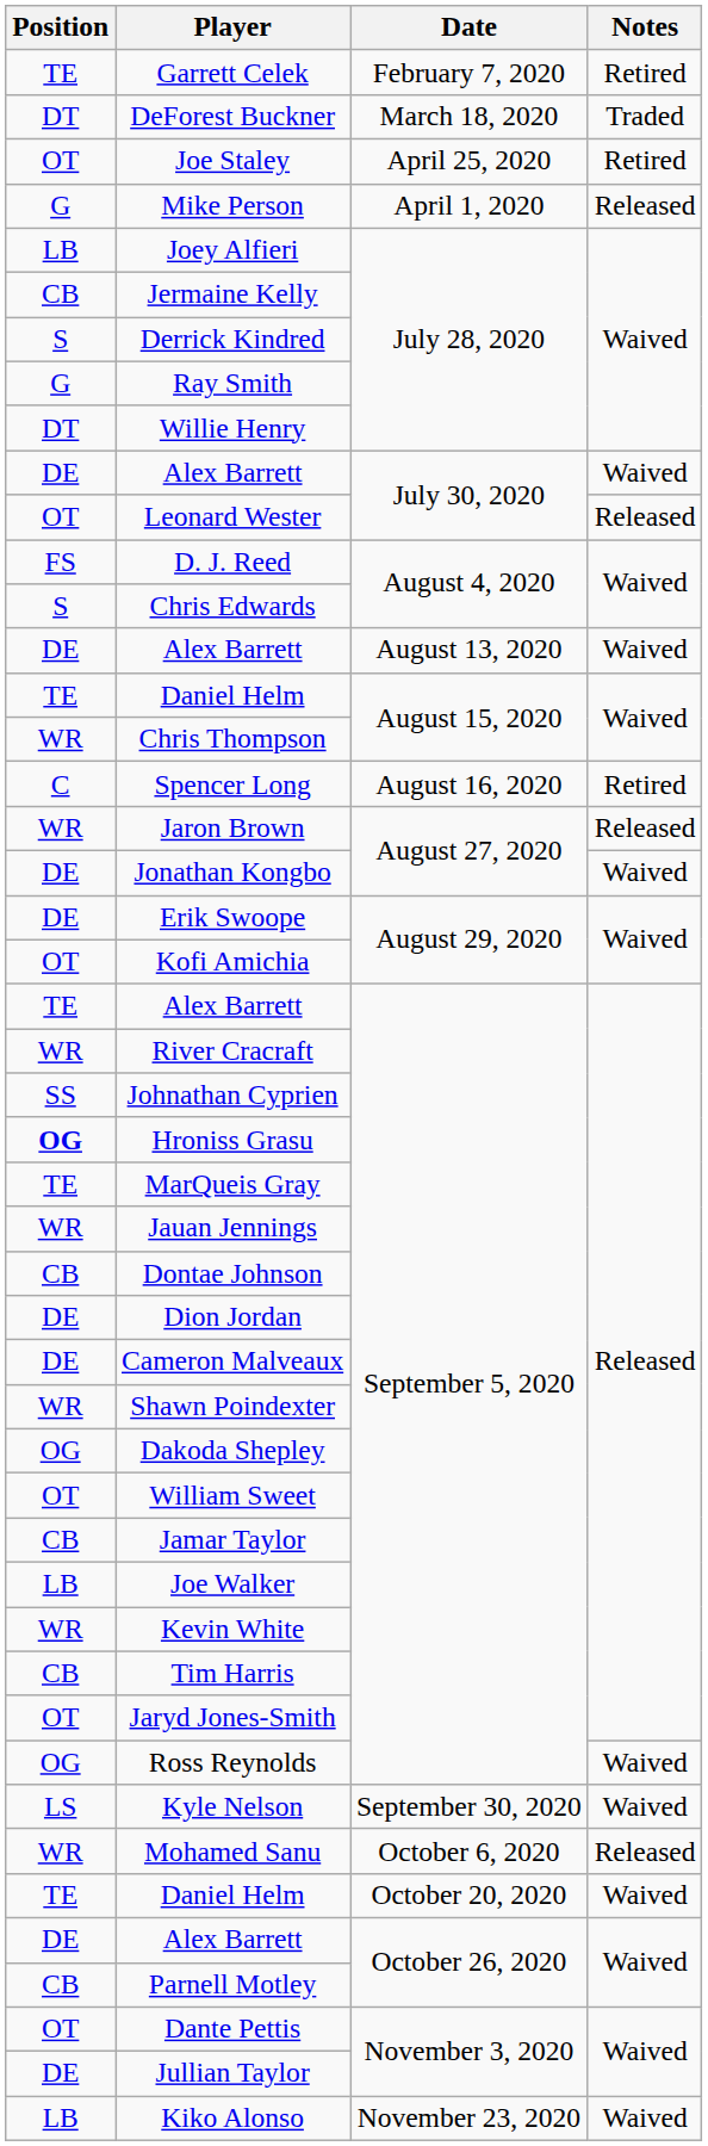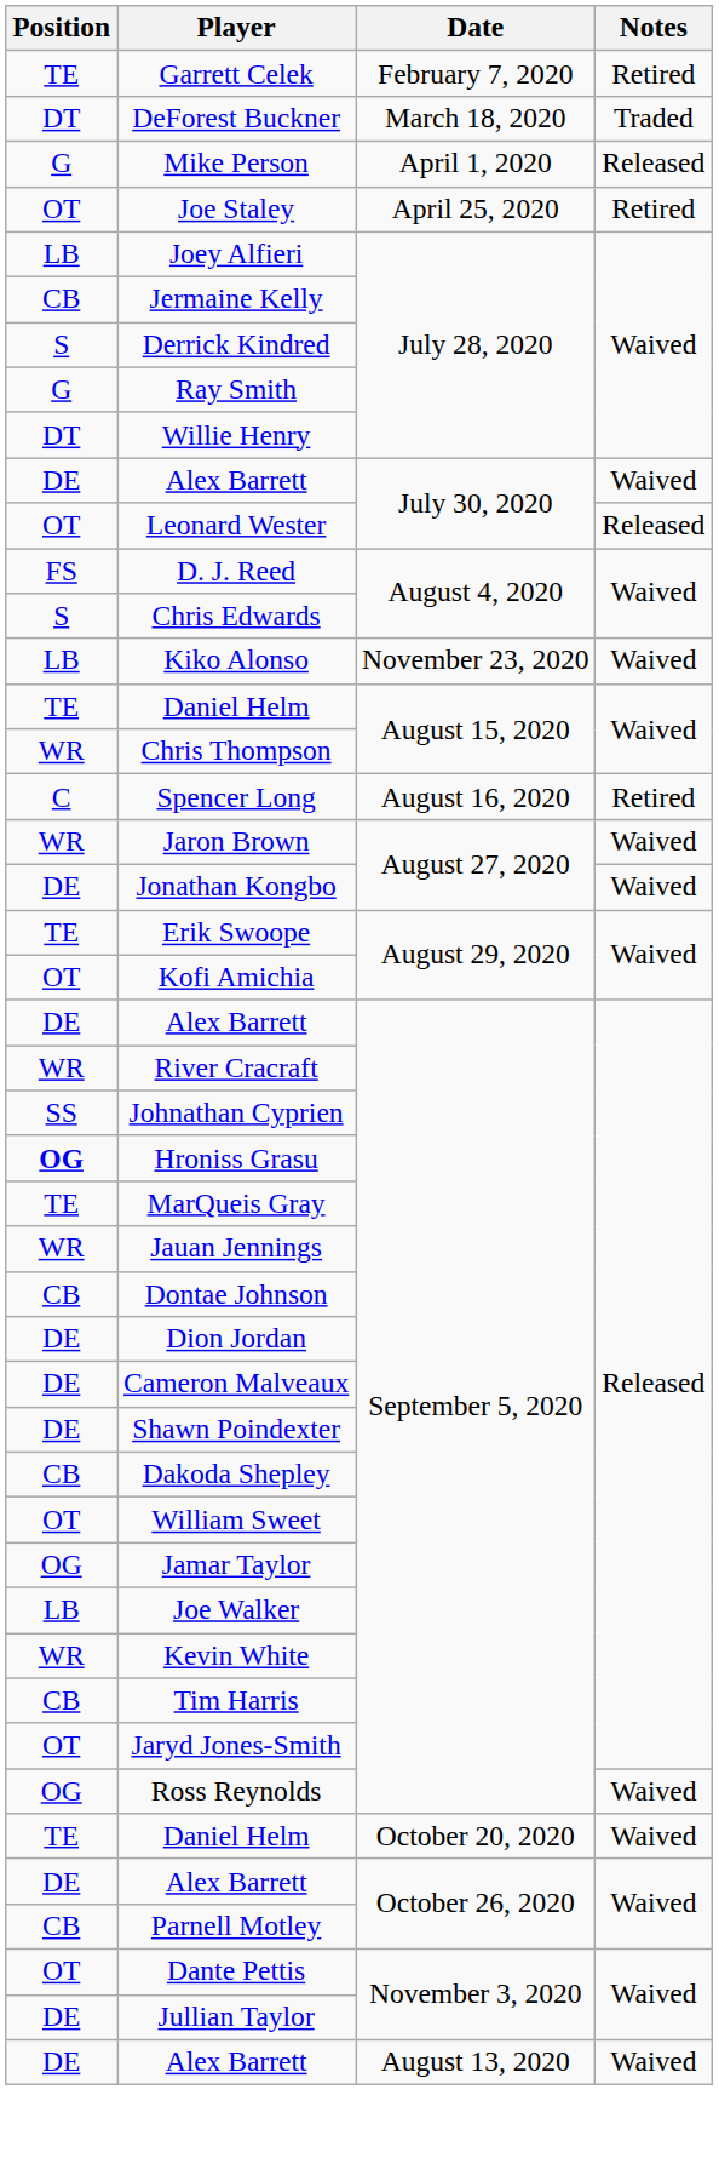 <table class="sortable wikitable" style="text-align:center">
 <tr>
 <th>Position</th>
 <th>Player</th>
 <th>Date</th>
 <th>Notes</th>
 </tr>
 <tr>
 <td><a href='#'>TE</a></td>
 <td><a href='#'>Garrett Celek</a></td>
 <td>February 7, 2020</td>
 <td>Retired</td>
 </tr>
 <tr>
 <td><a href='#'>DT</a></td>
 <td><a href='#'>DeForest Buckner</a></td>
 <td>March 18, 2020</td>
 <td>Traded</td>
 </tr>
 <tr>
+<td><a href='#'>G</a></td>
+<td><a href='#'>Mike Person</a></td>
+<td>April 1, 2020</td>
+<td>Released</td>
+</tr>
+<tr>
 <td><a href='#'>OT</a></td>
 <td><a href='#'>Joe Staley</a></td>
 <td>April 25, 2020</td>
 <td>Retired</td>
-</tr>
-<tr>
-<td><a href='#'>G</a></td>
-<td><a href='#'>Mike Person</a></td>
-<td>April 1, 2020</td>
-<td>Released</td>
 </tr>
 <tr>
 <td><a href='#'>LB</a></td>
 <td><a href='#'>Joey Alfieri</a></td>
 <td rowspan=5>July 28, 2020</td>
 <td rowspan=5>Waived</td>
 </tr>
 <tr>
 <td><a href='#'>CB</a></td>
 <td><a href='#'>Jermaine Kelly</a></td>
 </tr>
 <tr>
 <td><a href='#'>S</a></td>
 <td><a href='#'>Derrick Kindred</a></td>
 </tr>
 <tr>
 <td><a href='#'>G</a></td>
 <td><a href='#'>Ray Smith</a></td>
 </tr>
 <tr>
 <td><a href='#'>DT</a></td>
 <td><a href='#'>Willie Henry</a></td>
 </tr>
 <tr>
 <td><a href='#'>DE</a></td>
 <td><a href='#'>Alex Barrett</a></td>
 <td rowspan=2>July 30, 2020</td>
 <td>Waived</td>
 </tr>
 <tr>
 <td><a href='#'>OT</a></td>
 <td><a href='#'>Leonard Wester</a></td>
 <td>Released</td>
 </tr>
 <tr>
 <td><a href='#'>FS</a></td>
 <td><a href='#'>D. J. Reed</a></td>
 <td rowspan=2>August 4, 2020</td>
 <td rowspan=2>Waived</td>
 </tr>
 <tr>
 <td><a href='#'>S</a></td>
 <td><a href='#'>Chris Edwards</a></td>
 </tr>
 <tr>
-<td><a href='#'>DE</a></td>
-<td><a href='#'>Alex Barrett</a></td>
-<td>August 13, 2020</td>
+<td><a href='#'>LB</a></td>
+<td><a href='#'>Kiko Alonso</a></td>
+<td>November 23, 2020</td>
 <td>Waived</td>
 </tr>
 <tr>
 <td><a href='#'>TE</a></td>
 <td><a href='#'>Daniel Helm</a></td>
 <td rowspan=2>August 15, 2020</td>
 <td rowspan=2>Waived</td>
 </tr>
 <tr>
 <td><a href='#'>WR</a></td>
 <td><a href='#'>Chris Thompson</a></td>
 </tr>
 <tr>
 <td><a href='#'>C</a></td>
 <td><a href='#'>Spencer Long</a></td>
 <td>August 16, 2020</td>
 <td>Retired</td>
 </tr>
 <tr>
 <td><a href='#'>WR</a></td>
 <td><a href='#'>Jaron Brown</a></td>
 <td rowspan=2>August 27, 2020</td>
-<td>Released</td>
+<td>Waived</td>
 </tr>
 <tr>
 <td><a href='#'>DE</a></td>
 <td><a href='#'>Jonathan Kongbo</a></td>
 <td>Waived</td>
 </tr>
 <tr>
-<td><a href='#'>DE</a></td>
+<td><a href='#'>TE</a></td>
 <td><a href='#'>Erik Swoope</a></td>
 <td rowspan=2>August 29, 2020</td>
 <td rowspan=2>Waived</td>
 </tr>
 <tr>
 <td><a href='#'>OT</a></td>
 <td><a href='#'>Kofi Amichia</a></td>
 </tr>
 <tr>
-<td><a href='#'>TE</a></td>
+<td><a href='#'>DE</a></td>
 <td><a href='#'>Alex Barrett</a></td>
 <td rowspan=18>September 5, 2020</td>
 <td rowspan=17>Released</td>
 </tr>
 <tr>
 <td><a href='#'>WR</a></td>
 <td><a href='#'>River Cracraft</a></td>
 </tr>
 <tr>
 <td><a href='#'>SS</a></td>
 <td><a href='#'>Johnathan Cyprien</a></td>
 </tr>
 <tr>
 <td><strong><a href='#'>OG</a></strong></td>
 <td><a href='#'>Hroniss Grasu</a></td>
 </tr>
 <tr>
 <td><a href='#'>TE</a></td>
 <td><a href='#'>MarQueis Gray</a></td>
 </tr>
 <tr>
 <td><a href='#'>WR</a></td>
 <td><a href='#'>Jauan Jennings</a></td>
 </tr>
 <tr>
 <td><a href='#'>CB</a></td>
 <td><a href='#'>Dontae Johnson</a></td>
 </tr>
 <tr>
 <td><a href='#'>DE</a></td>
 <td><a href='#'>Dion Jordan</a></td>
 </tr>
 <tr>
 <td><a href='#'>DE</a></td>
 <td><a href='#'>Cameron Malveaux</a></td>
 </tr>
 <tr>
-<td><a href='#'>WR</a></td>
+<td><a href='#'>DE</a></td>
 <td><a href='#'>Shawn Poindexter</a></td>
 </tr>
 <tr>
-<td><a href='#'>OG</a></td>
+<td><a href='#'>CB</a></td>
 <td><a href='#'>Dakoda Shepley</a></td>
 </tr>
 <tr>
 <td><a href='#'>OT</a></td>
 <td><a href='#'>William Sweet</a></td>
 </tr>
 <tr>
-<td><a href='#'>CB</a></td>
+<td><a href='#'>OG</a></td>
 <td><a href='#'>Jamar Taylor</a></td>
 </tr>
 <tr>
 <td><a href='#'>LB</a></td>
 <td><a href='#'>Joe Walker</a></td>
 </tr>
 <tr>
 <td><a href='#'>WR</a></td>
 <td><a href='#'>Kevin White</a></td>
 </tr>
 <tr>
 <td><a href='#'>CB</a></td>
 <td><a href='#'>Tim Harris</a></td>
 </tr>
 <tr>
 <td><a href='#'>OT</a></td>
 <td><a href='#'>Jaryd Jones-Smith</a></td>
 </tr>
 <tr>
 <td><a href='#'>OG</a></td>
 <td>Ross Reynolds</td>
 <td>Waived</td>
-</tr>
-<tr>
-<td><a href='#'>LS</a></td>
-<td><a href='#'>Kyle Nelson</a></td>
-<td>September 30, 2020</td>
-<td>Waived</td>
-</tr>
-<tr>
-<td><a href='#'>WR</a></td>
-<td><a href='#'>Mohamed Sanu</a></td>
-<td>October 6, 2020</td>
-<td>Released</td>
 </tr>
 <tr>
 <td><a href='#'>TE</a></td>
 <td><a href='#'>Daniel Helm</a></td>
 <td>October 20, 2020</td>
 <td>Waived</td>
 </tr>
 <tr>
 <td><a href='#'>DE</a></td>
 <td><a href='#'>Alex Barrett</a></td>
 <td rowspan=2>October 26, 2020</td>
 <td rowspan=2>Waived</td>
 </tr>
 <tr>
 <td><a href='#'>CB</a></td>
 <td><a href='#'>Parnell Motley</a></td>
 </tr>
 <tr>
 <td><a href='#'>OT</a></td>
 <td><a href='#'>Dante Pettis</a></td>
 <td rowspan=2>November 3, 2020</td>
 <td rowspan=2>Waived</td>
 </tr>
 <tr>
 <td><a href='#'>DE</a></td>
 <td><a href='#'>Jullian Taylor</a></td>
 </tr>
 <tr>
-<td><a href='#'>LB</a></td>
-<td><a href='#'>Kiko Alonso</a></td>
-<td>November 23, 2020</td>
+<td><a href='#'>DE</a></td>
+<td><a href='#'>Alex Barrett</a></td>
+<td>August 13, 2020</td>
 <td>Waived</td>
 </tr>
 </table>
